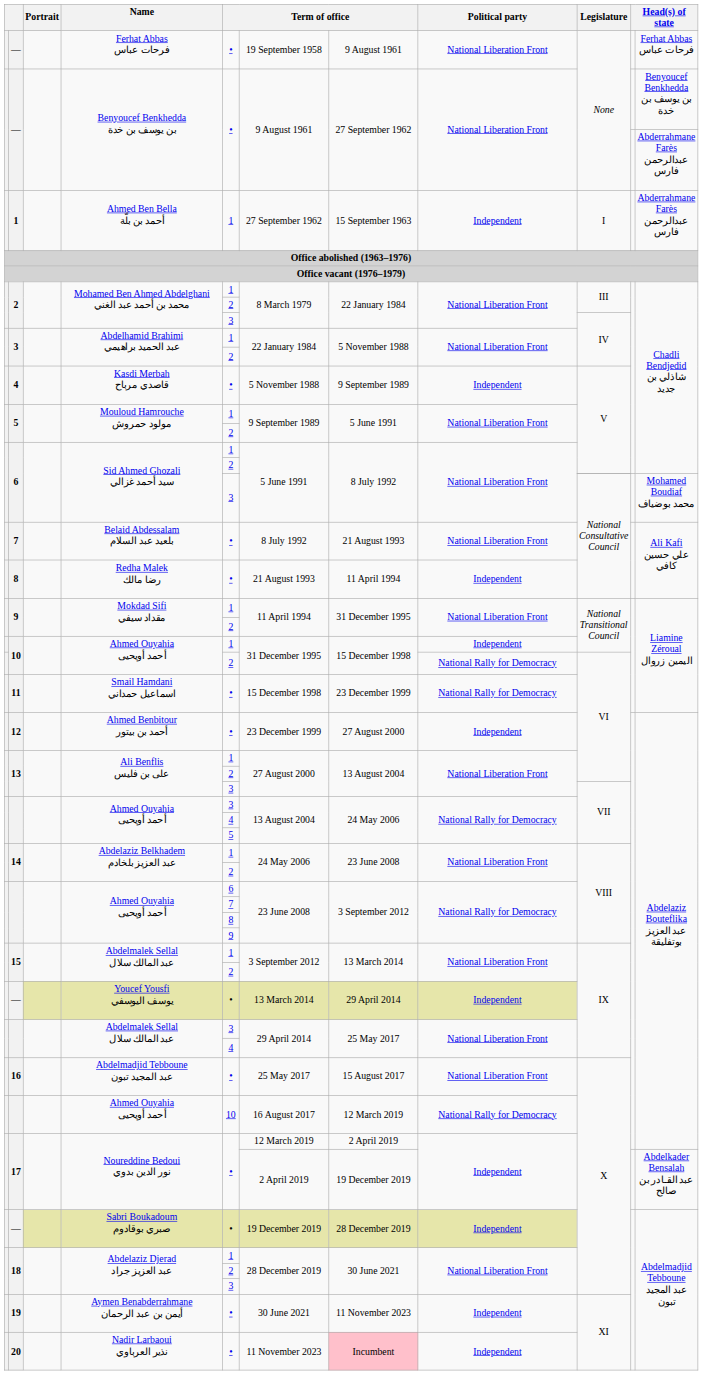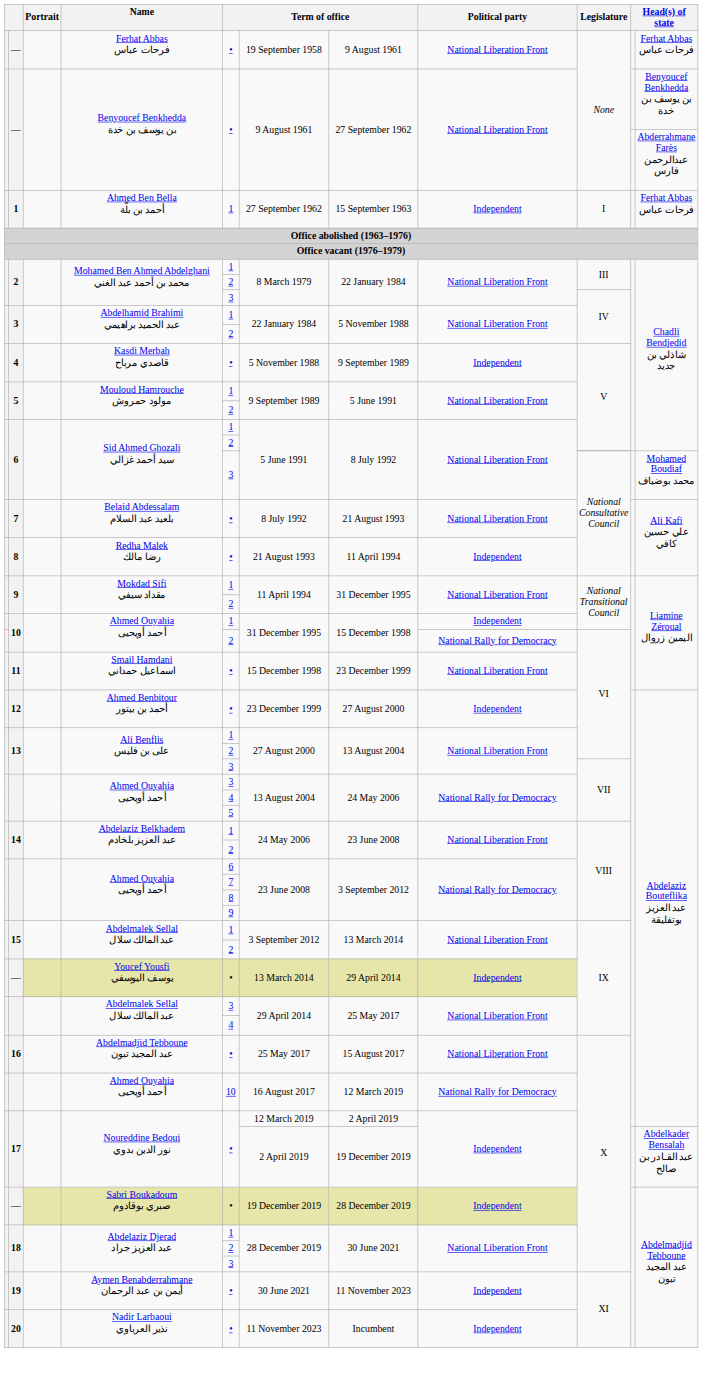 <table class="wikitable" style="width:90%; text-align:center;">
 <tr>
 <th colspan=2 width=30></th>
 <th width=70>Portrait</th>
 <th width=25%>Name<br><br></th>
 <th colspan=3 width=30%>Term of office</th>
 <th width=25%>Political party</th>
 <th width=7%>Legislature<br></th>
 <th colspan=2><a href='#'>Head(s) of state</a><br></th>
 </tr>
 <tr>
 <th style="background:"></th>
 <th>—</th>
 <td></td>
 <td><a href='#'>Ferhat Abbas</a><br>فرحات عباس<br> <br></td>
 <td><a href='#'>•</a></td>
 <td>19 September 1958</td>
 <td>9 August 1961</td>
 <td><a href='#'>National Liberation Front</a></td>
 <td rowspan="3"><em>None</em></td>
 <td rowspan=1 style="background:"></td>
 <td rowspan="1"><a href='#'>Ferhat Abbas</a><br>فرحات عباس<br><br></td>
 </tr>
 <tr>
 <th rowspan=2 style="background:"></th>
 <th rowspan=2>—</th>
 <td rowspan=2></td>
 <td rowspan=2><a href='#'>Benyoucef Benkhedda</a><br>بن يوسف بن خدة<br> <br></td>
 <td rowspan=2><a href='#'>•</a></td>
 <td rowspan=2>9 August 1961</td>
 <td rowspan=2>27 September 1962</td>
 <td rowspan=2><a href='#'>National Liberation Front</a></td>
 <td rowspan=1 style="background:"></td>
 <td rowspan="1"><a href='#'>Benyoucef Benkhedda</a><br>بن يوسف بن خدة<br><br></td>
 </tr>
 <tr>
 <td style="background:"></td>
 <td><a href='#'>Abderrahmane Farès</a><br>عبدالرحمن فارس<br><br></td>
 </tr>
 <tr>
 <th style="background:"></th>
 <th>1</th>
 <td></td>
 <td><a href='#'>Ahmed Ben Bella</a><br>أحمد بن بلّة<br> <br></td>
 <td><a href='#'>1</a></td>
 <td>27 September 1962</td>
 <td>15 September 1963</td>
 <td><a href='#'>Independent</a></td>
 <td rowspan="1">I </td>
 <td rowspan=1 style="background:"></td>
-<td><a href='#'>Abderrahmane Farès</a><br>عبدالرحمن فارس<br><br></td>
+<td rowspan="1"><a href='#'>Ferhat Abbas</a><br>فرحات عباس<br><br></td>
 </tr>
 <tr>
 <td colspan="11" bgcolor="lightgrey"><strong>Office abolished (1963–1976)</strong></td>
 </tr>
 <tr>
 <td colspan="11" bgcolor="lightgrey"><strong>Office vacant (1976–1979)</strong></td>
 </tr>
 <tr>
 <th rowspan=3 style="background:"></th>
 <th rowspan=3>2</th>
 <td rowspan=3></td>
 <td rowspan=3><a href='#'>Mohamed Ben Ahmed Abdelghani</a><br>محمد بن أحمد عبد الغني<br> <br></td>
 <td><a href='#'>1</a></td>
 <td rowspan=3>8 March 1979</td>
 <td rowspan=3>22 January 1984</td>
 <td rowspan=3><a href='#'>National Liberation Front</a></td>
 <td rowspan="2">III </td>
 <td rowspan=11 style="background:"></td>
 <td rowspan="11"><a href='#'>Chadli Bendjedid</a><br>شاذلي بن جديد<br><br></td>
 </tr>
 <tr>
 <td><a href='#'>2</a></td>
 </tr>
 <tr>
 <td><a href='#'>3</a></td>
 <td rowspan="3">IV </td>
 </tr>
 <tr>
 <th rowspan=2 style="background:"></th>
 <th rowspan=2>3</th>
 <td rowspan=2></td>
 <td rowspan=2><a href='#'>Abdelhamid Brahimi</a><br>عبد الحميد براهيمي<br> <br></td>
 <td><a href='#'>1</a></td>
 <td rowspan=2>22 January 1984</td>
 <td rowspan=2>5 November 1988</td>
 <td rowspan=2><a href='#'>National Liberation Front</a></td>
 </tr>
 <tr>
 <td><a href='#'>2</a></td>
 </tr>
 <tr>
 <th style="background:"></th>
 <th>4</th>
 <td></td>
 <td><a href='#'>Kasdi Merbah</a><br>قاصدي مرباح<br> <br></td>
 <td><a href='#'>•</a></td>
 <td>5 November 1988</td>
 <td>9 September 1989</td>
 <td><a href='#'>Independent</a></td>
 <td rowspan="5">V </td>
 </tr>
 <tr>
 <th rowspan=2 style="background:"></th>
 <th rowspan=2>5</th>
 <td rowspan=2></td>
 <td rowspan=2><a href='#'>Mouloud Hamrouche</a><br>مولود حمروش<br> <br></td>
 <td><a href='#'>1</a></td>
 <td rowspan=2>9 September 1989</td>
 <td rowspan=2>5 June 1991</td>
 <td rowspan=2><a href='#'>National Liberation Front</a></td>
 </tr>
 <tr>
 <td><a href='#'>2</a></td>
 </tr>
 <tr>
 <th rowspan=4 style="background:"></th>
 <th rowspan=4>6</th>
 <td rowspan=4></td>
 <td rowspan=4><a href='#'>Sid Ahmed Ghozali</a><br>سيد أحمد غزالي<br> <br></td>
 <td><a href='#'>1</a></td>
 <td rowspan=4>5 June 1991</td>
 <td rowspan=4>8 July 1992</td>
 <td rowspan=4><a href='#'>National Liberation Front</a></td>
 </tr>
 <tr>
 <td><a href='#'>2</a></td>
 </tr>
 <tr>
 <td rowspan=2><a href='#'>3</a></td>
 </tr>
 <tr>
 <td rowspan="3"><em>National Consultative Council</em> </td>
 <td rowspan=1 style="background:"></td>
 <td rowspan="1"><a href='#'>Mohamed Boudiaf</a><br>محمد بوضياف<br><br></td>
 </tr>
 <tr>
 <th style="background:"></th>
 <th>7</th>
 <td></td>
 <td><a href='#'>Belaid Abdessalam</a><br>بلعيد عبد السلام<br> <br></td>
 <td><a href='#'>•</a></td>
 <td>8 July 1992</td>
 <td>21 August 1993</td>
 <td><a href='#'>National Liberation Front</a></td>
 <td rowspan=2 style="background:"></td>
 <td rowspan="2"><a href='#'>Ali Kafi</a><br>علي حسين كافي<br><br></td>
 </tr>
 <tr>
 <th style="background:"></th>
 <th>8</th>
 <td></td>
 <td><a href='#'>Redha Malek</a><br>رضا مالك<br> <br></td>
 <td><a href='#'>•</a></td>
 <td>21 August 1993</td>
 <td>11 April 1994</td>
 <td><a href='#'>Independent</a></td>
 </tr>
 <tr>
 <th rowspan=2 style="background:"></th>
 <th rowspan=2>9</th>
 <td rowspan=2></td>
 <td rowspan=2><a href='#'>Mokdad Sifi</a><br>مقداد سيفي<br> <br></td>
 <td><a href='#'>1</a></td>
 <td rowspan=2>11 April 1994</td>
 <td rowspan=2>31 December 1995</td>
 <td rowspan=2><a href='#'>National Liberation Front</a></td>
 <td rowspan="3"><em>National Transitional Council</em> </td>
 <td rowspan=5 style="background:"></td>
 <td rowspan="5"><a href='#'>Liamine Zéroual</a><br>اليمين زروال<br><br></td>
 </tr>
 <tr>
 <td><a href='#'>2</a></td>
 </tr>
 <tr>
 <th style="background:"></th>
 <th rowspan=2>10</th>
 <td rowspan=2></td>
 <td rowspan=2><a href='#'>Ahmed Ouyahia</a><br>أحمد أويحيى<br> <br></td>
 <td><a href='#'>1</a></td>
 <td rowspan=2>31 December 1995</td>
 <td rowspan=2>15 December 1998</td>
 <td><a href='#'>Independent</a></td>
 </tr>
 <tr>
 <th style="background:"></th>
 <td><a href='#'>2</a></td>
 <td><a href='#'>National Rally for Democracy</a></td>
 <td rowspan="5">VI </td>
 </tr>
 <tr>
 <th style="background:"></th>
 <th>11</th>
 <td></td>
 <td><a href='#'>Smail Hamdani</a><br>اسماعيل حمداني<br> <br></td>
 <td><a href='#'>•</a></td>
 <td>15 December 1998</td>
 <td>23 December 1999</td>
-<td><a href='#'>National Rally for Democracy</a></td>
+<td><a href='#'>National Liberation Front</a></td>
 </tr>
 <tr>
 <th style="background:"></th>
 <th>12</th>
 <td></td>
 <td><a href='#'>Ahmed Benbitour</a><br>أحمد بن بيتور<br> <br></td>
 <td><a href='#'>•</a></td>
 <td>23 December 1999</td>
 <td>27 August 2000</td>
 <td><a href='#'>Independent</a></td>
 <td rowspan="21" style="background:"></td>
 <td rowspan="21"><a href='#'>Abdelaziz Bouteflika</a><br>عبد العزيز بوتفليقة<br><br></td>
 </tr>
 <tr>
 <th rowspan=3 style="background:"></th>
 <th rowspan=3>13</th>
 <td rowspan=3></td>
 <td rowspan=3><a href='#'>Ali Benflis</a><br>على بن فليس<br> <br></td>
 <td><a href='#'>1</a></td>
 <td rowspan=3>27 August 2000</td>
 <td rowspan=3>13 August 2004</td>
 <td rowspan=3><a href='#'>National Liberation Front</a></td>
 </tr>
 <tr>
 <td><a href='#'>2</a></td>
 </tr>
 <tr>
 <td><a href='#'>3</a></td>
 <td rowspan="4">VII </td>
 </tr>
 <tr>
 <th rowspan=3 style="background:"></th>
 <th rowspan=3></th>
 <td rowspan=3></td>
 <td rowspan=3><a href='#'>Ahmed Ouyahia</a><br>أحمد أويحيى<br> <br></td>
 <td><a href='#'>3</a></td>
 <td rowspan=3>13 August 2004</td>
 <td rowspan=3>24 May 2006</td>
 <td rowspan=3><a href='#'>National Rally for Democracy</a></td>
 </tr>
 <tr>
 <td><a href='#'>4</a></td>
 </tr>
 <tr>
 <td><a href='#'>5</a></td>
 </tr>
 <tr>
 <th rowspan=2 style="background:"></th>
 <th rowspan=2>14</th>
 <td rowspan=2></td>
 <td rowspan=2><a href='#'>Abdelaziz Belkhadem</a><br>عبد العزيز بلخادم<br> <br></td>
 <td><a href='#'>1</a></td>
 <td rowspan=2>24 May 2006</td>
 <td rowspan=2>23 June 2008</td>
 <td rowspan=2><a href='#'>National Liberation Front</a></td>
 <td rowspan="6">VIII </td>
 </tr>
 <tr>
 <td><a href='#'>2</a></td>
 </tr>
 <tr>
 <th rowspan=4 style="background:"></th>
 <th rowspan=4></th>
 <td rowspan=4></td>
 <td rowspan=4><a href='#'>Ahmed Ouyahia</a><br>أحمد أويحيى<br> <br></td>
 <td><a href='#'>6</a></td>
 <td rowspan=4>23 June 2008</td>
 <td rowspan=4>3 September 2012</td>
 <td rowspan=4><a href='#'>National Rally for Democracy</a></td>
 </tr>
 <tr>
 <td><a href='#'>7</a></td>
 </tr>
 <tr>
 <td><a href='#'>8</a></td>
 </tr>
 <tr>
 <td><a href='#'>9</a></td>
 </tr>
 <tr>
 <th rowspan=2 style="background:"></th>
 <th rowspan=2>15</th>
 <td rowspan=2></td>
 <td rowspan=2><a href='#'>Abdelmalek Sellal</a><br>عبد المالك سلال<br> <br></td>
 <td><a href='#'>1</a></td>
 <td rowspan=2>3 September 2012</td>
 <td rowspan=2>13 March 2014</td>
 <td rowspan=2><a href='#'>National Liberation Front</a></td>
 <td rowspan="5">IX </td>
 </tr>
 <tr>
 <td><a href='#'>2</a></td>
 </tr>
 <tr>
 <th style="background:"></th>
 <th>—</th>
 <td style="background:#e6e6aa;"></td>
 <td style="background:#e6e6aa;"><a href='#'>Youcef Yousfi</a><br>يوسف اليوسفي<br> <br></td>
 <td style="background:#e6e6aa;">•</td>
 <td style="background:#e6e6aa;">13 March 2014</td>
 <td style="background:#e6e6aa;">29 April 2014</td>
 <td style="background:#e6e6aa;"><a href='#'>Independent</a></td>
 </tr>
 <tr>
 <th rowspan=2 style="background:"></th>
 <th rowspan=2></th>
 <td rowspan=2></td>
 <td rowspan=2><a href='#'>Abdelmalek Sellal</a><br>عبد المالك سلال<br> <br></td>
 <td><a href='#'>3</a></td>
 <td rowspan=2>29 April 2014</td>
 <td rowspan=2>25 May 2017</td>
 <td rowspan=2><a href='#'>National Liberation Front</a></td>
 </tr>
 <tr>
 <td><a href='#'>4</a></td>
 </tr>
 <tr>
 <th style="background:"></th>
 <th>16</th>
 <td></td>
 <td><a href='#'>Abdelmadjid Tebboune</a><br>عبد المجيد تبون<br> <br></td>
 <td><a href='#'>•</a></td>
 <td>25 May 2017</td>
 <td>15 August 2017</td>
 <td><a href='#'>National Liberation Front</a></td>
 <td rowspan="8">X </td>
 </tr>
 <tr>
 <th style="background:"></th>
 <th></th>
 <td></td>
 <td><a href='#'>Ahmed Ouyahia</a><br>أحمد أويحيى<br> <br></td>
 <td><a href='#'>10</a></td>
 <td>16 August 2017</td>
 <td>12 March 2019</td>
 <td><a href='#'>National Rally for Democracy</a></td>
 </tr>
 <tr>
 <th rowspan=2 style="background:"></th>
 <th rowspan=2>17</th>
 <td rowspan=2></td>
 <td rowspan=2><a href='#'>Noureddine Bedoui</a><br>نور الدين بدوي<br> <br></td>
 <td rowspan=2><a href='#'>•</a></td>
 <td>12 March 2019</td>
 <td>2 April 2019</td>
 <td rowspan=2><a href='#'>Independent</a></td>
 </tr>
 <tr>
 <td>2 April 2019</td>
 <td>19 December 2019</td>
 <td style="background:"></td>
 <td align="center"><a href='#'>Abdelkader Bensalah</a><br>عبد القـادر بن صالح<br><br></td>
 </tr>
 <tr>
 <th style="background:"></th>
 <th>—</th>
 <td style="background:#e6e6aa;"></td>
 <td style="background:#e6e6aa;"><a href='#'>Sabri Boukadoum</a><br>صبري بوقادوم<br> <br></td>
 <td style="background:#e6e6aa;">•</td>
 <td style="background:#e6e6aa;">19 December 2019</td>
 <td style="background:#e6e6aa;">28 December 2019</td>
 <td style="background:#e6e6aa;"><a href='#'>Independent</a></td>
 <td rowspan="6" style="background:"></td>
 <td rowspan="6" align="center"><a href='#'>Abdelmadjid Tebboune</a><br>عبد المجيد تبون<br><br></td>
 </tr>
 <tr>
 <th rowspan=3 style="background:"></th>
 <th rowspan=3>18</th>
 <td rowspan=3></td>
 <td rowspan=3><a href='#'>Abdelaziz Djerad</a><br>عبد العزيز جراد‎<br> <br></td>
 <td><a href='#'>1</a></td>
 <td rowspan=3>28 December 2019</td>
 <td rowspan=3>30 June 2021</td>
 <td rowspan=3><a href='#'>National Liberation Front</a></td>
 </tr>
 <tr>
 <td><a href='#'>2</a></td>
 </tr>
 <tr>
 <td><a href='#'>3</a></td>
 </tr>
 <tr>
 <th style="background:"></th>
 <th>19</th>
 <td></td>
 <td><a href='#'>Aymen Benabderrahmane</a><br>أيمن بن عبد الرحمان‎<br> <br></td>
 <td><a href='#'>•</a></td>
 <td>30 June 2021</td>
 <td>11 November 2023</td>
 <td><a href='#'>Independent</a></td>
 <td rowspan="2">XI </td>
 </tr>
 <tr>
 <th style="background:"></th>
 <th>20</th>
 <td></td>
 <td><a href='#'>Nadir Larbaoui</a><br>نذير العرباوي‎<br> <br></td>
 <td><a href='#'>•</a></td>
 <td>11 November 2023</td>
-<td style="background: pink;">Incumbent</td>
+<td>Incumbent</td>
 <td><a href='#'>Independent</a></td>
 </tr>
 </table>
